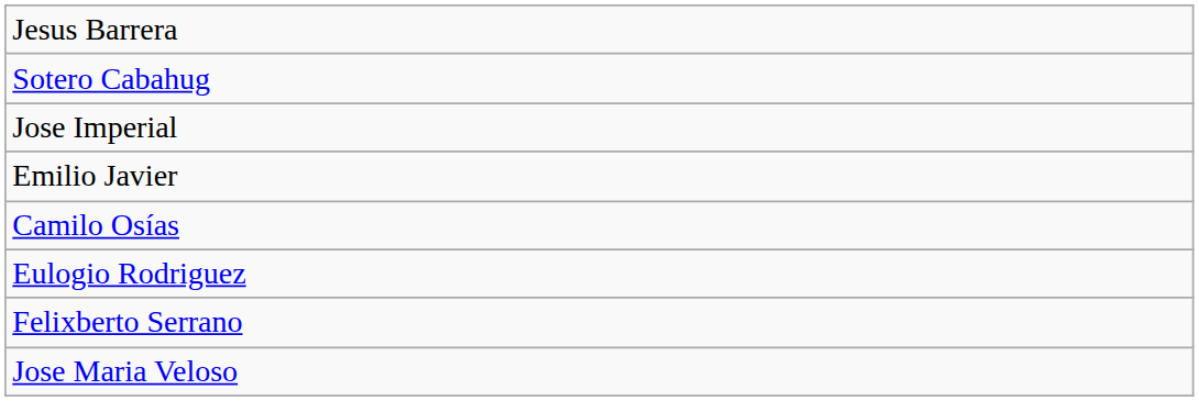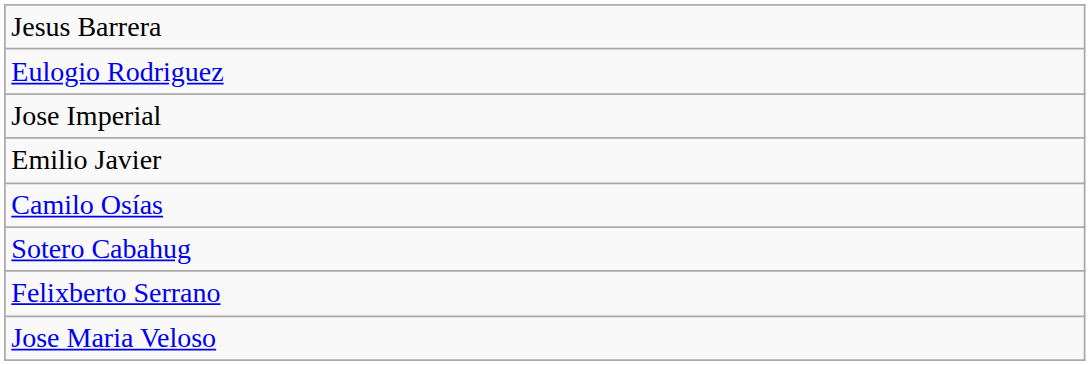 <table class="wikitable" width=99% style="font size=92%;">
 <tr>
 <td>Jesus Barrera</td>
 </tr>
 <tr>
-<td><a href='#'>Sotero Cabahug</a></td>
+<td><a href='#'>Eulogio Rodriguez</a></td>
 </tr>
 <tr>
 <td>Jose Imperial</td>
 </tr>
 <tr>
 <td>Emilio Javier</td>
 </tr>
 <tr>
 <td><a href='#'>Camilo Osías</a></td>
 </tr>
 <tr>
-<td><a href='#'>Eulogio Rodriguez</a></td>
+<td><a href='#'>Sotero Cabahug</a></td>
 </tr>
 <tr>
 <td><a href='#'>Felixberto Serrano</a></td>
 </tr>
 <tr>
 <td><a href='#'>Jose Maria Veloso</a></td>
 </tr>
 </table>
